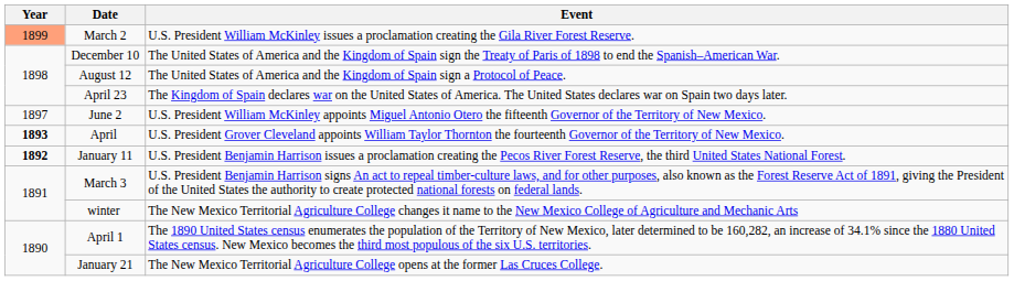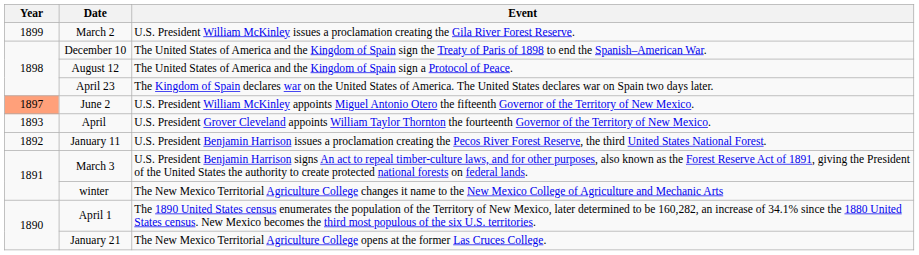 <table class="wikitable" style="width:100%;">
 <tr>
 <th style="width:6%">Year</th>
 <th style="width:8%">Date</th>
 <th style="width:86%">Event</th>
 </tr>
 <tr>
-<td align=center rowspan=1 style="background: lightsalmon;">1899</td>
+<td align=center rowspan=1>1899</td>
 <td align=center>March 2</td>
 <td>U.S. President <a href='#'>William McKinley</a> issues a proclamation creating the <a href='#'>Gila River Forest Reserve</a>.</td>
 </tr>
 <tr>
 <td align=center rowspan=3>1898</td>
 <td align=center>December 10</td>
 <td>The United States of America and the <a href='#'>Kingdom of Spain</a> sign the <a href='#'>Treaty of Paris of 1898</a> to end the <a href='#'>Spanish–American War</a>.</td>
 </tr>
 <tr>
 <td align=center>August 12</td>
 <td>The United States of America and the <a href='#'>Kingdom of Spain</a> sign a <a href='#'>Protocol of Peace</a>.</td>
 </tr>
 <tr>
 <td align=center>April 23</td>
 <td>The <a href='#'>Kingdom of Spain</a> declares <a href='#'>war</a> on the United States of America.  The United States declares war on Spain two days later.</td>
 </tr>
 <tr>
-<td align=center rowspan=1>1897</td>
+<td align=center rowspan=1 style="background: lightsalmon;">1897</td>
 <td align=center>June 2</td>
 <td>U.S. President <a href='#'>William McKinley</a> appoints <a href='#'>Miguel Antonio Otero</a> the fifteenth <a href='#'>Governor of the Territory of New Mexico</a>.</td>
 </tr>
 <tr>
-<td align=center rowspan=1><strong>1893</strong></td>
+<td align=center rowspan=1>1893</td>
 <td align=center>April </td>
 <td>U.S. President <a href='#'>Grover Cleveland</a> appoints <a href='#'>William Taylor Thornton</a> the fourteenth <a href='#'>Governor of the Territory of New Mexico</a>.</td>
 </tr>
 <tr>
-<td align=center rowspan=1><strong>1892</strong></td>
+<td align=center rowspan=1>1892</td>
 <td align=center>January 11</td>
 <td>U.S. President <a href='#'>Benjamin Harrison</a> issues a proclamation creating the <a href='#'>Pecos River Forest Reserve</a>, the third <a href='#'>United States National Forest</a>.</td>
 </tr>
 <tr>
 <td align=center rowspan=2>1891</td>
 <td align=center>March 3</td>
 <td>U.S. President <a href='#'>Benjamin Harrison</a> signs <a href='#'>An act to repeal timber-culture laws, and for other purposes</a>, also known as the <a href='#'>Forest Reserve Act of 1891</a>, giving the President of the United States the authority to create protected <a href='#'>national forests</a> on <a href='#'>federal lands</a>.</td>
 </tr>
 <tr>
 <td align=center>winter </td>
 <td>The New Mexico Territorial <a href='#'>Agriculture College</a> changes it name to the <a href='#'>New Mexico College of Agriculture and Mechanic Arts</a></td>
 </tr>
 <tr>
 <td align=center rowspan=2>1890</td>
 <td align=center>April 1</td>
 <td>The <a href='#'>1890 United States census</a> enumerates the population of the Territory of New Mexico, later determined to be 160,282, an increase of 34.1% since the <a href='#'>1880 United States census</a>. New Mexico becomes the <a href='#'>third most populous of the six U.S. territories</a>.</td>
 </tr>
 <tr>
 <td align=center>January 21</td>
 <td>The New Mexico Territorial <a href='#'>Agriculture College</a> opens at the former <a href='#'>Las Cruces College</a>.</td>
 </tr>
 </table>
